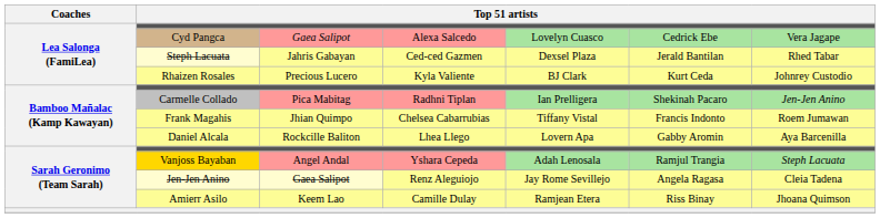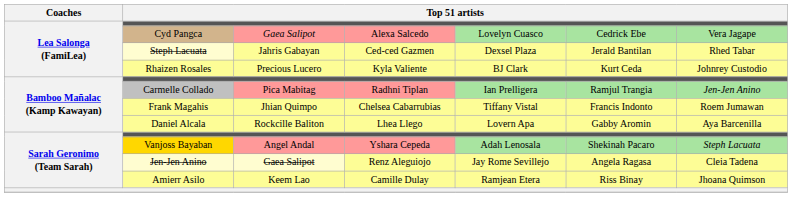 <table class="wikitable" style="text-align:center; line-height:20px; width:100%;">
 <tr>
 <th scope="col" width="15%">Coaches</th>
 <th colspan="6" scope="col" width="84%">Top 51 artists</th>
 </tr>
 <tr>
 <th rowspan="4"><a href='#'>Lea Salonga</a> <br> (FamiLea)</th>
 <td colspan="6" style="background:#555555;"></td>
 </tr>
 <tr>
 <td scope="col" width="14%" style="background:tan;">Cyd Pangca</td>
 <td style="background:#FF9999;" scope="col" width="14%"><em>Gaea Salipot</em></td>
 <td style="background:#FF9999;" scope="col" width="14%">Alexa Salcedo</td>
 <td style="background:#A8E4A0;">Lovelyn Cuasco</td>
 <td style="background:#A8E4A0;" width="14%">Cedrick Ebe</td>
 <td style="background:#A8E4A0;" width="14%">Vera Jagape</td>
 </tr>
 <tr>
 <td style="background:#FFFDD0;text-decoration: line-through;">Steph Lacuata</td>
 <td style="background:#FDFD96;">Jahris Gabayan</td>
 <td style="background:#FDFD96;">Ced-ced Gazmen</td>
 <td style="background:#FDFD96;">Dexsel Plaza</td>
 <td style="background:#FDFD96;">Jerald Bantilan</td>
 <td style="background:#FDFD96;">Rhed Tabar</td>
 </tr>
 <tr>
 <td style="background:#FDFD96;">Rhaizen Rosales</td>
 <td style="background:#FDFD96;">Precious Lucero</td>
 <td style="background:#FDFD96;">Kyla Valiente</td>
 <td style="background:#FDFD96;">BJ Clark</td>
 <td style="background:#FDFD96;">Kurt Ceda</td>
 <td style="background:#FDFD96;">Johnrey Custodio</td>
 </tr>
 <tr>
 <th rowspan="4"><a href='#'>Bamboo Mañalac</a> <br> (Kamp Kawayan)</th>
 <td colspan="6" style="background:#555555;"></td>
 </tr>
 <tr>
 <td style="background:silver;">Carmelle Collado</td>
 <td style="background:#FF9999;">Pica Mabitag</td>
 <td style="background:#FF9999;">Radhni Tiplan</td>
 <td style="background:#A8E4A0;" width="14%">Ian Prelligera</td>
-<td style="background:#A8E4A0;">Shekinah Pacaro</td>
+<td style="background:#A8E4A0;">Ramjul Trangia</td>
 <td style="background:#A8E4A0;"><em>Jen-Jen Anino</em></td>
 </tr>
 <tr>
 <td style="background:#FDFD96;">Frank Magahis</td>
 <td style="background:#FDFD96;">Jhian Quimpo</td>
 <td style="background:#FDFD96;">Chelsea Cabarrubias</td>
 <td style="background:#FDFD96;">Tiffany Vistal</td>
 <td style="background:#FDFD96;">Francis Indonto</td>
 <td style="background:#FDFD96;">Roem Jumawan</td>
 </tr>
 <tr>
 <td style="background:#FDFD96;">Daniel Alcala</td>
 <td style="background:#FDFD96;">Rockcille Baliton</td>
 <td style="background:#FDFD96;">Lhea Llego</td>
 <td style="background:#FDFD96;">Lovern Apa</td>
 <td style="background:#FDFD96;">Gabby Aromin</td>
 <td style="background:#FDFD96;">Aya Barcenilla</td>
 </tr>
 <tr>
 <th rowspan="4"><a href='#'>Sarah Geronimo</a> <br> (Team Sarah)</th>
 <td colspan="6" style="background:#555555;"></td>
 </tr>
 <tr>
 <td style="background:gold;">Vanjoss Bayaban</td>
 <td style="background:#FF9999;">Angel Andal</td>
 <td style="background:#FF9999;">Yshara Cepeda</td>
 <td style="background:#A8E4A0;">Adah Lenosala</td>
-<td style="background:#A8E4A0;">Ramjul Trangia</td>
+<td style="background:#A8E4A0;">Shekinah Pacaro</td>
 <td style="background:#A8E4A0;"><em>Steph Lacuata</em></td>
 </tr>
 <tr>
 <td style="background:#FFFDD0;text-decoration: line-through;">Jen-Jen Anino</td>
 <td style="background:#FFFDD0;text-decoration: line-through;">Gaea Salipot</td>
 <td style="background:#FDFD96;">Renz Aleguiojo</td>
 <td style="background:#FDFD96;">Jay Rome Sevillejo</td>
 <td style="background:#FDFD96;">Angela Ragasa</td>
 <td style="background:#FDFD96;">Cleia Tadena</td>
 </tr>
 <tr>
 <td style="background:#FDFD96;">Amierr Asilo</td>
 <td style="background:#FDFD96;">Keem Lao</td>
 <td style="background:#FDFD96;">Camille Dulay</td>
 <td style="background:#FDFD96;">Ramjean Etera</td>
 <td style="background:#FDFD96;">Riss Binay</td>
 <td style="background:#FDFD96;">Jhoana Quimson</td>
 </tr>
 <tr>
 <th colspan="7" style="font-size:90%; line-height:12px;"></th>
 </tr>
 <tr>
 </tr>
 </table>
